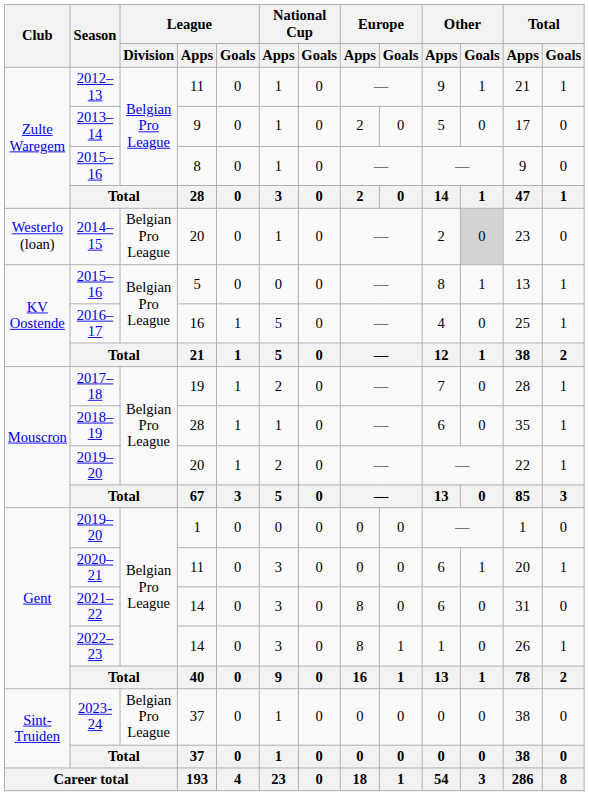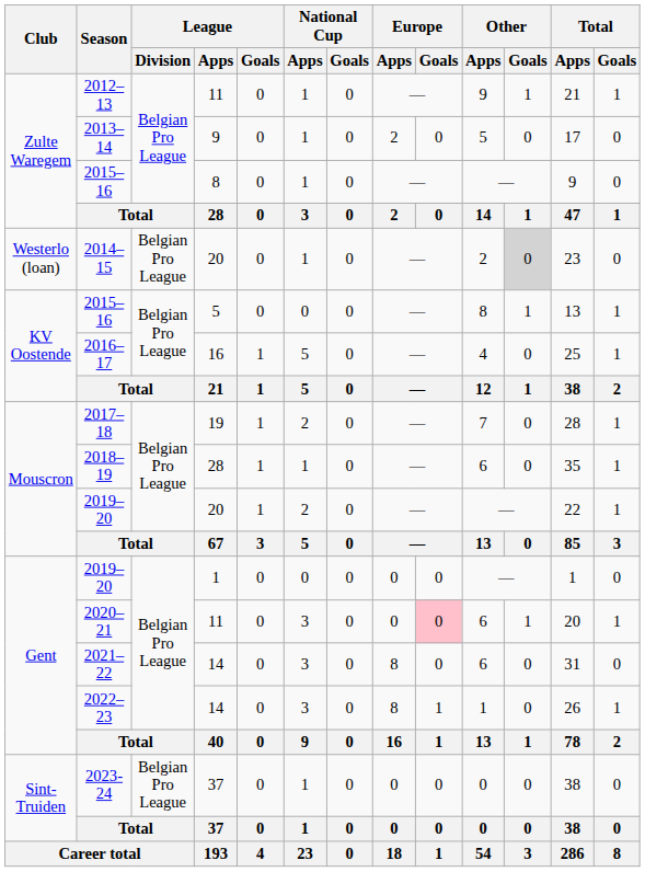 <table class="wikitable" style="text-align:center">
 <tr>
 <th rowspan="2">Club</th>
 <th rowspan="2">Season</th>
 <th colspan="3">League</th>
 <th colspan="2">National Cup</th>
 <th colspan="2">Europe</th>
 <th colspan="2">Other</th>
 <th colspan="2">Total</th>
 </tr>
 <tr>
 <th>Division</th>
 <th>Apps</th>
 <th>Goals</th>
 <th>Apps</th>
 <th>Goals</th>
 <th>Apps</th>
 <th>Goals</th>
 <th>Apps</th>
 <th>Goals</th>
 <th>Apps</th>
 <th>Goals</th>
 </tr>
 <tr>
 <td rowspan="4"><a href='#'>Zulte Waregem</a></td>
 <td><a href='#'>2012–13</a></td>
 <td rowspan="3"><a href='#'>Belgian Pro League</a></td>
 <td>11</td>
 <td>0</td>
 <td>1</td>
 <td>0</td>
 <td colspan="2">—</td>
 <td>9</td>
 <td>1</td>
 <td>21</td>
 <td>1</td>
 </tr>
 <tr>
 <td><a href='#'>2013–14</a></td>
 <td>9</td>
 <td>0</td>
 <td>1</td>
 <td>0</td>
 <td>2</td>
 <td>0</td>
 <td>5</td>
 <td>0</td>
 <td>17</td>
 <td>0</td>
 </tr>
 <tr>
 <td><a href='#'>2015–16</a></td>
 <td>8</td>
 <td>0</td>
 <td>1</td>
 <td>0</td>
 <td colspan="2">—</td>
 <td colspan="2">—</td>
 <td>9</td>
 <td>0</td>
 </tr>
 <tr>
 <th colspan="2">Total</th>
 <th>28</th>
 <th>0</th>
 <th>3</th>
 <th>0</th>
 <th>2</th>
 <th>0</th>
 <th>14</th>
 <th>1</th>
 <th>47</th>
 <th>1</th>
 </tr>
 <tr>
 <td><a href='#'>Westerlo</a> (loan)</td>
 <td><a href='#'>2014–15</a></td>
 <td>Belgian Pro League</td>
 <td>20</td>
 <td>0</td>
 <td>1</td>
 <td>0</td>
 <td colspan="2">—</td>
 <td>2</td>
 <td style="background: lightgrey;">0</td>
 <td>23</td>
 <td>0</td>
 </tr>
 <tr>
 <td rowspan="3"><a href='#'>KV Oostende</a></td>
 <td><a href='#'>2015–16</a></td>
 <td rowspan="2">Belgian Pro League</td>
 <td>5</td>
 <td>0</td>
 <td>0</td>
 <td>0</td>
 <td colspan="2">—</td>
 <td>8</td>
 <td>1</td>
 <td>13</td>
 <td>1</td>
 </tr>
 <tr>
 <td><a href='#'>2016–17</a></td>
 <td>16</td>
 <td>1</td>
 <td>5</td>
 <td>0</td>
 <td colspan="2">—</td>
 <td>4</td>
 <td>0</td>
 <td>25</td>
 <td>1</td>
 </tr>
 <tr>
 <th colspan="2">Total</th>
 <th>21</th>
 <th>1</th>
 <th>5</th>
 <th>0</th>
 <th colspan="2">—</th>
 <th>12</th>
 <th>1</th>
 <th>38</th>
 <th>2</th>
 </tr>
 <tr>
 <td rowspan="4"><a href='#'>Mouscron</a></td>
 <td><a href='#'>2017–18</a></td>
 <td rowspan="3">Belgian Pro League</td>
 <td>19</td>
 <td>1</td>
 <td>2</td>
 <td>0</td>
 <td colspan="2">—</td>
 <td>7</td>
 <td>0</td>
 <td>28</td>
 <td>1</td>
 </tr>
 <tr>
 <td><a href='#'>2018–19</a></td>
 <td>28</td>
 <td>1</td>
 <td>1</td>
 <td>0</td>
 <td colspan="2">—</td>
 <td>6</td>
 <td>0</td>
 <td>35</td>
 <td>1</td>
 </tr>
 <tr>
 <td><a href='#'>2019–20</a></td>
 <td>20</td>
 <td>1</td>
 <td>2</td>
 <td>0</td>
 <td colspan="2">—</td>
 <td colspan="2">—</td>
 <td>22</td>
 <td>1</td>
 </tr>
 <tr>
 <th colspan="2">Total</th>
 <th>67</th>
 <th>3</th>
 <th>5</th>
 <th>0</th>
 <th colspan="2">—</th>
 <th>13</th>
 <th>0</th>
 <th>85</th>
 <th>3</th>
 </tr>
 <tr>
 <td rowspan="5"><a href='#'>Gent</a></td>
 <td><a href='#'>2019–20</a></td>
 <td rowspan="4">Belgian Pro League</td>
 <td>1</td>
 <td>0</td>
 <td>0</td>
 <td>0</td>
 <td>0</td>
 <td>0</td>
 <td colspan="2">—</td>
 <td>1</td>
 <td>0</td>
 </tr>
 <tr>
 <td><a href='#'>2020–21</a></td>
 <td>11</td>
 <td>0</td>
 <td>3</td>
 <td>0</td>
 <td>0</td>
-<td>0</td>
+<td style="background: pink;">0</td>
 <td>6</td>
 <td>1</td>
 <td>20</td>
 <td>1</td>
 </tr>
 <tr>
 <td><a href='#'>2021–22</a></td>
 <td>14</td>
 <td>0</td>
 <td>3</td>
 <td>0</td>
 <td>8</td>
 <td>0</td>
 <td>6</td>
 <td>0</td>
 <td>31</td>
 <td>0</td>
 </tr>
 <tr>
 <td><a href='#'>2022–23</a></td>
 <td>14</td>
 <td>0</td>
 <td>3</td>
 <td>0</td>
 <td>8</td>
 <td>1</td>
 <td>1</td>
 <td>0</td>
 <td>26</td>
 <td>1</td>
 </tr>
 <tr>
 <th colspan="2">Total</th>
 <th>40</th>
 <th>0</th>
 <th>9</th>
 <th>0</th>
 <th>16</th>
 <th>1</th>
 <th>13</th>
 <th>1</th>
 <th>78</th>
 <th>2</th>
 </tr>
 <tr>
 <td rowspan="2"><a href='#'>Sint-Truiden</a></td>
 <td><a href='#'>2023-24</a></td>
 <td>Belgian Pro League</td>
 <td>37</td>
 <td>0</td>
 <td>1</td>
 <td>0</td>
 <td>0</td>
 <td>0</td>
 <td>0</td>
 <td>0</td>
 <td>38</td>
 <td>0</td>
 </tr>
 <tr>
 <th colspan="2">Total</th>
 <th>37</th>
 <th>0</th>
 <th>1</th>
 <th>0</th>
 <th>0</th>
 <th>0</th>
 <th>0</th>
 <th>0</th>
 <th>38</th>
 <th>0</th>
 </tr>
 <tr>
 <th colspan="3">Career total</th>
 <th>193</th>
 <th>4</th>
 <th>23</th>
 <th>0</th>
 <th>18</th>
 <th>1</th>
 <th>54</th>
 <th>3</th>
 <th>286</th>
 <th>8</th>
 </tr>
 </table>
